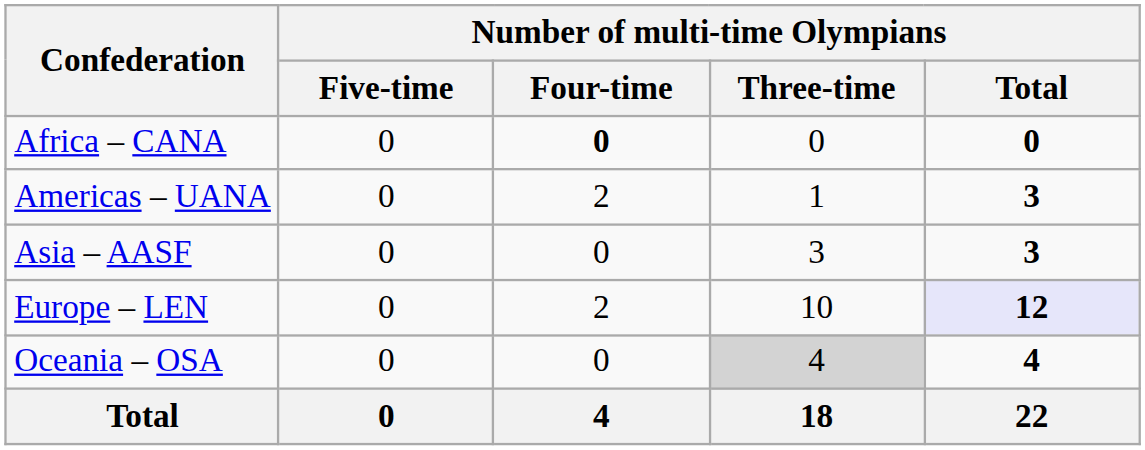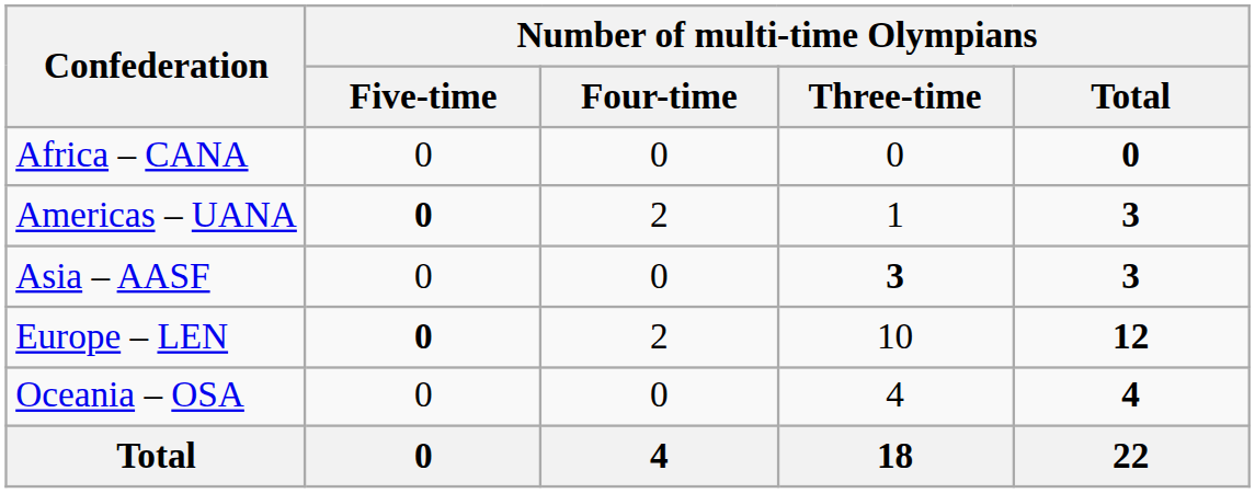 <table class="wikitable sortable" style="text-align: center; font-size: 90%; margin-left: 1em;">
 <tr>
 <th rowspan="2">Confederation</th>
 <th colspan="4">Number of multi-time Olympians</th>
 </tr>
 <tr>
 <th style="width: 6em;">Five-time</th>
 <th style="width: 6em;">Four-time</th>
 <th style="width: 6em;">Three-time</th>
 <th style="width: 6em;">Total</th>
 </tr>
 <tr>
 <td style="text-align: left;"><a href='#'>Africa</a> – <a href='#'>CANA</a></td>
 <td>0</td>
-<td><strong>0</strong></td>
+<td>0</td>
 <td>0</td>
 <td><strong>0</strong></td>
 </tr>
 <tr>
 <td style="text-align: left;"><a href='#'>Americas</a> – <a href='#'>UANA</a></td>
-<td>0</td>
+<td><strong>0</strong></td>
 <td>2</td>
 <td>1</td>
 <td><strong>3</strong></td>
 </tr>
 <tr>
 <td style="text-align: left;"><a href='#'>Asia</a> – <a href='#'>AASF</a></td>
 <td>0</td>
 <td>0</td>
-<td>3</td>
+<td><strong>3</strong></td>
 <td><strong>3</strong></td>
 </tr>
 <tr>
 <td style="text-align: left;"><a href='#'>Europe</a> – <a href='#'>LEN</a></td>
-<td>0</td>
+<td><strong>0</strong></td>
 <td>2</td>
 <td>10</td>
-<td style="background: lavender;"><strong>12</strong></td>
+<td><strong>12</strong></td>
 </tr>
 <tr>
 <td style="text-align: left;"><a href='#'>Oceania</a> – <a href='#'>OSA</a></td>
 <td>0</td>
 <td>0</td>
-<td style="background: lightgrey;">4</td>
+<td>4</td>
 <td><strong>4</strong></td>
 </tr>
 <tr>
 <th>Total</th>
 <th>0</th>
 <th>4</th>
 <th>18</th>
 <th>22</th>
 </tr>
 </table>
